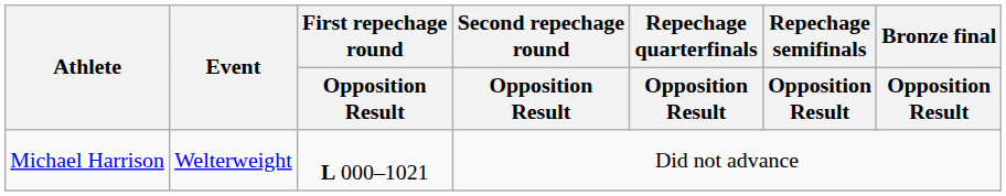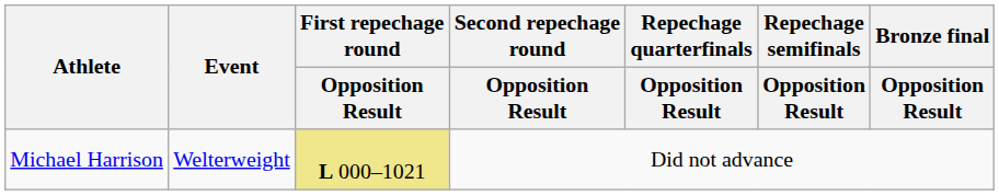 <table class="wikitable" style="font-size:90%">
 <tr>
 <th rowspan="2">Athlete</th>
 <th rowspan="2">Event</th>
 <th>First repechage <br>round</th>
 <th>Second repechage <br>round</th>
 <th>Repechage <br>quarterfinals</th>
 <th>Repechage <br>semifinals</th>
 <th>Bronze final</th>
 </tr>
 <tr>
 <th>Opposition<br>Result</th>
 <th>Opposition<br>Result</th>
 <th>Opposition<br>Result</th>
 <th>Opposition<br>Result</th>
 <th>Opposition<br>Result</th>
 </tr>
 <tr align=center>
 <td align=left><a href='#'>Michael Harrison</a></td>
 <td align=left><a href='#'>Welterweight</a></td>
-<td><br><strong>L</strong> 000–1021</td>
+<td style="background: khaki;"><br><strong>L</strong> 000–1021</td>
 <td colspan=4 align=center>Did not advance</td>
 </tr>
 </table>
